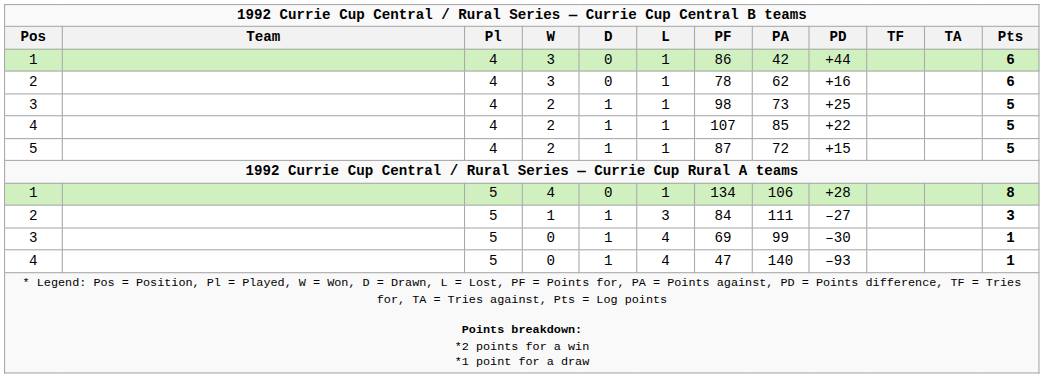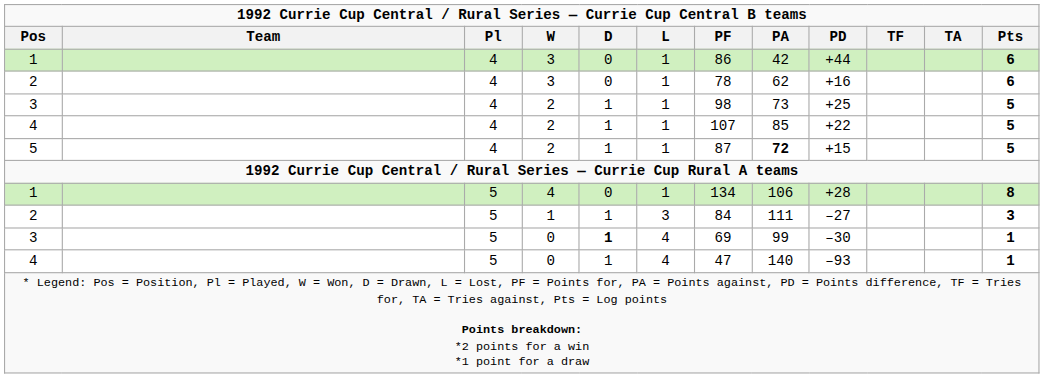 <table class="wikitable" style="text-align:center; line-height:110%; font-size:100%; width:60%;">
 <tr>
 <td colspan="12" cellpadding="0" cellspacing="0"><strong>1992 Currie Cup Central / Rural Series — Currie Cup Central B teams</strong></td>
 </tr>
 <tr>
 <th style="width:5%;">Pos</th>
 <th style="width:35%;">Team</th>
 <th style="width:5%;">Pl</th>
 <th style="width:5%;">W</th>
 <th style="width:5%;">D</th>
 <th style="width:5%;">L</th>
 <th style="width:5%;">PF</th>
 <th style="width:5%;">PA</th>
 <th style="width:5%;">PD</th>
 <th style="width:5%;">TF</th>
 <th style="width:5%;">TA</th>
 <th style="width:5%;">Pts<br></th>
 </tr>
 <tr bgcolor=#D0F0C0 align=center>
 <td>1</td>
 <td align=left></td>
 <td>4</td>
 <td>3</td>
 <td>0</td>
 <td>1</td>
 <td>86</td>
 <td>42</td>
 <td>+44</td>
 <td></td>
 <td></td>
 <td><strong>6</strong></td>
 </tr>
 <tr bgcolor=#FFFFFF align=center>
 <td>2</td>
 <td align=left></td>
 <td>4</td>
 <td>3</td>
 <td>0</td>
 <td>1</td>
 <td>78</td>
 <td>62</td>
 <td>+16</td>
 <td></td>
 <td></td>
 <td><strong>6</strong></td>
 </tr>
 <tr bgcolor=#FFFFFF align=center>
 <td>3</td>
 <td align=left></td>
 <td>4</td>
 <td>2</td>
 <td>1</td>
 <td>1</td>
 <td>98</td>
 <td>73</td>
 <td>+25</td>
 <td></td>
 <td></td>
 <td><strong>5</strong></td>
 </tr>
 <tr bgcolor=#FFFFFF align=center>
 <td>4</td>
 <td align=left></td>
 <td>4</td>
 <td>2</td>
 <td>1</td>
 <td>1</td>
 <td>107</td>
 <td>85</td>
 <td>+22</td>
 <td></td>
 <td></td>
 <td><strong>5</strong></td>
 </tr>
 <tr bgcolor=#FFFFFF align=center>
 <td>5</td>
 <td align=left></td>
 <td>4</td>
 <td>2</td>
 <td>1</td>
 <td>1</td>
 <td>87</td>
-<td>72</td>
+<td><strong>72</strong></td>
 <td>+15</td>
 <td></td>
 <td></td>
 <td><strong>5</strong></td>
 </tr>
 <tr>
 <td colspan="12" cellpadding="0" cellspacing="0"><strong>1992 Currie Cup Central / Rural Series — Currie Cup Rural A teams</strong></td>
 </tr>
 <tr bgcolor=#D0F0C0 align=center>
 <td>1</td>
 <td align=left></td>
 <td>5</td>
 <td>4</td>
 <td>0</td>
 <td>1</td>
 <td>134</td>
 <td>106</td>
 <td>+28</td>
 <td></td>
 <td></td>
 <td><strong>8</strong></td>
 </tr>
 <tr bgcolor=#FFFFFF align=center>
 <td>2</td>
 <td align=left></td>
 <td>5</td>
 <td>1</td>
 <td>1</td>
 <td>3</td>
 <td>84</td>
 <td>111</td>
 <td>–27</td>
 <td></td>
 <td></td>
 <td><strong>3</strong></td>
 </tr>
 <tr bgcolor=#FFFFFF align=center>
 <td>3</td>
 <td align=left></td>
 <td>5</td>
 <td>0</td>
-<td>1</td>
+<td><strong>1</strong></td>
 <td>4</td>
 <td>69</td>
 <td>99</td>
 <td>–30</td>
 <td></td>
 <td></td>
 <td><strong>1</strong></td>
 </tr>
 <tr bgcolor=#FFFFFF align=center>
 <td>4</td>
 <td align=left></td>
 <td>5</td>
 <td>0</td>
 <td>1</td>
 <td>4</td>
 <td>47</td>
 <td>140</td>
 <td>–93</td>
 <td></td>
 <td></td>
 <td><strong>1</strong></td>
 </tr>
 <tr>
 <td colspan="12" style="border:0px"><small>* Legend: Pos = Position, Pl = Played, W = Won, D = Drawn, L = Lost, PF = Points for, PA = Points against, PD = Points difference, TF = Tries for, TA = Tries against, Pts = Log points<br><br><strong>Points breakdown:</strong><br>*2 points for a win<br>*1 point for a draw</small></td>
 </tr>
 </table>
